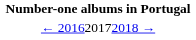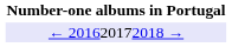 <table class="toc" id="toc" summary="Contents">
 <tr>
 <th>Number-one albums in Portugal</th>
 </tr>
 <tr>
-<td align="center"><a href='#'>← 2016</a>2017<a href='#'>2018 →</a></td>
+<td align="center" style="background: lavender;"><a href='#'>← 2016</a>2017<a href='#'>2018 →</a></td>
 </tr>
 </table>
